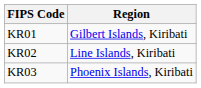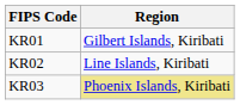 <table class="wikitable">
 <tr>
 <th>FIPS Code</th>
 <th>Region</th>
 </tr>
 <tr>
 <td>KR01</td>
 <td><a href='#'>Gilbert Islands</a>, Kiribati</td>
 </tr>
 <tr>
 <td>KR02</td>
 <td><a href='#'>Line Islands</a>, Kiribati</td>
 </tr>
 <tr>
 <td>KR03</td>
-<td><a href='#'>Phoenix Islands</a>, Kiribati</td>
+<td style="background: khaki;"><a href='#'>Phoenix Islands</a>, Kiribati</td>
 </tr>
 </table>
